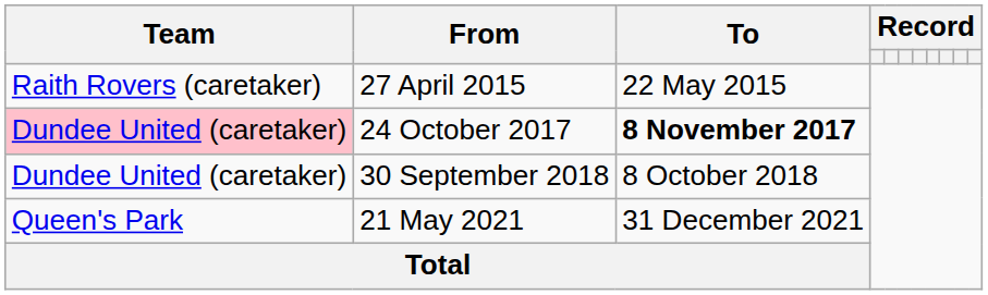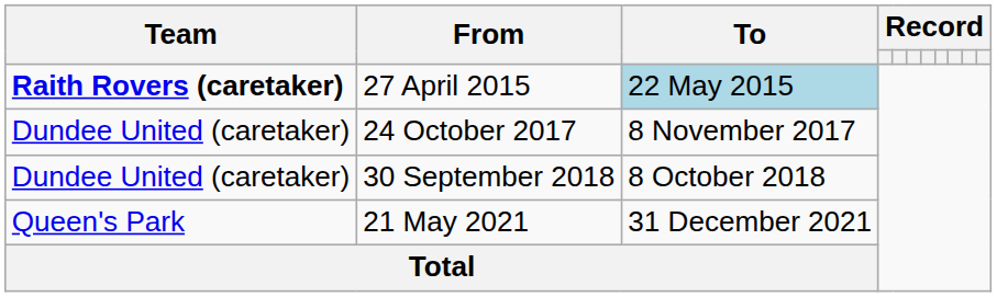 <table class="wikitable" style="text-align: center">
 <tr>
 <th rowspan="2">Team</th>
 <th rowspan="2">From</th>
 <th rowspan="2">To</th>
 <th colspan="8">Record</th>
 </tr>
 <tr>
 <th></th>
 <th></th>
 <th></th>
 <th></th>
 <th></th>
 <th></th>
 <th></th>
 <th></th>
 </tr>
 <tr>
-<td align=left><a href='#'>Raith Rovers</a> (caretaker)</td>
+<td align=left><strong><a href='#'>Raith Rovers</a> (caretaker)</strong></td>
 <td align=left>27 April 2015</td>
-<td align=left>22 May 2015<br></td>
+<td align=left style="background: lightblue;">22 May 2015<br></td>
 </tr>
 <tr>
-<td align=left style="background: pink;"><a href='#'>Dundee United</a> (caretaker)</td>
+<td align=left><a href='#'>Dundee United</a> (caretaker)</td>
 <td align=left>24 October 2017</td>
-<td align=left><strong>8 November 2017<br></strong></td>
+<td align=left>8 November 2017<br></td>
 </tr>
 <tr>
 <td align=left><a href='#'>Dundee United</a> (caretaker)</td>
 <td align=left>30 September 2018</td>
 <td align=left>8 October 2018<br></td>
 </tr>
 <tr>
 <td align=left><a href='#'>Queen's Park</a></td>
 <td align=left>21 May 2021</td>
 <td align=left>31 December 2021<br></td>
 </tr>
 <tr>
 <th colspan="3">Total<br></th>
 </tr>
 </table>
